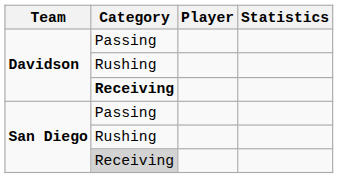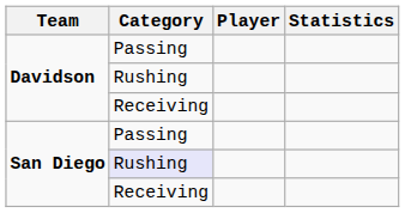 <table class="wikitable" style="float: right;">
 <tr>
 <th>Team</th>
 <th>Category</th>
 <th>Player</th>
 <th>Statistics</th>
 </tr>
 <tr>
 <td rowspan=3><strong>Davidson</strong></td>
 <td>Passing</td>
 <td></td>
 <td></td>
 </tr>
 <tr>
 <td>Rushing</td>
 <td></td>
 <td></td>
 </tr>
 <tr>
-<td><strong>Receiving</strong></td>
+<td>Receiving</td>
 <td></td>
 <td></td>
 </tr>
 <tr>
 <td rowspan=3><strong>San Diego</strong></td>
 <td>Passing</td>
 <td></td>
 <td></td>
 </tr>
 <tr>
-<td>Rushing</td>
+<td style="background: lavender;">Rushing</td>
 <td></td>
 <td></td>
 </tr>
 <tr>
-<td style="background: lightgrey;">Receiving</td>
+<td>Receiving</td>
 <td></td>
 <td></td>
 </tr>
 </table>
